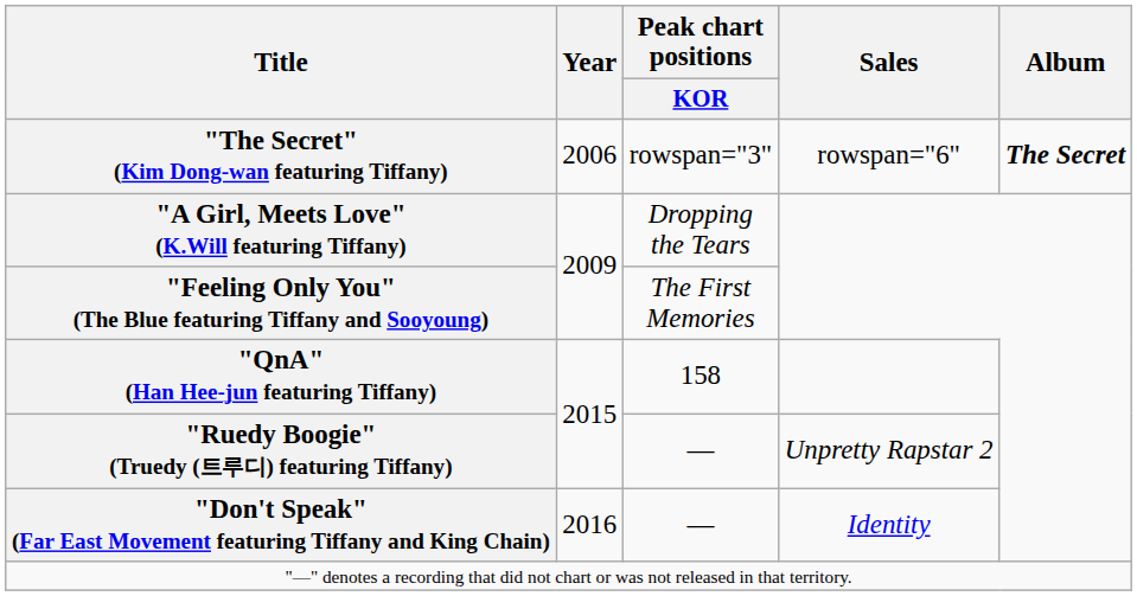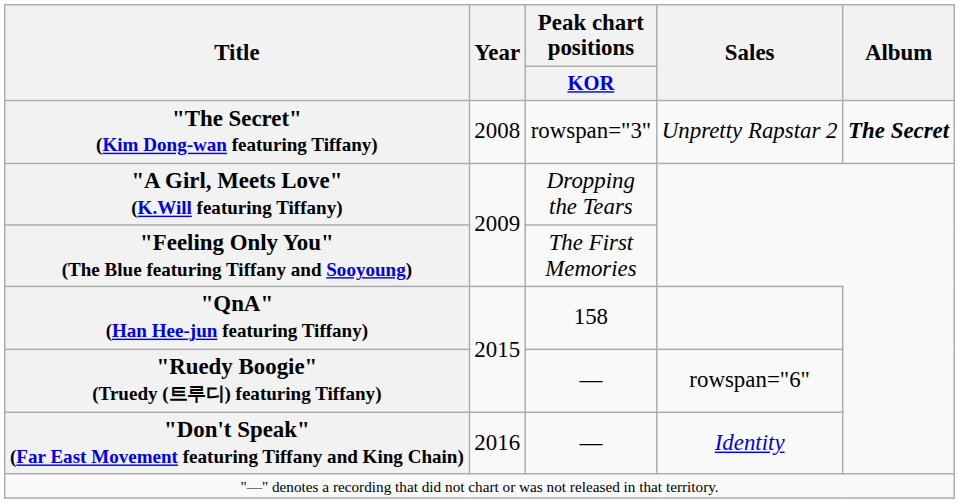 <table class="wikitable plainrowheaders" style="text-align:center;">
 <tr>
 <th rowspan=2>Title</th>
 <th rowspan=2>Year</th>
 <th>Peak chart<br>positions</th>
 <th rowspan=2>Sales<br></th>
 <th rowspan=2>Album</th>
 </tr>
 <tr>
 <th scope="col" style="width:3em;font-size:90%;"><a href='#'>KOR</a><br></th>
 </tr>
 <tr>
 <th scope=row>"The Secret"<br><small>(<a href='#'>Kim Dong-wan</a> featuring Tiffany)</small></th>
-<td>2006</td>
+<td>2008</td>
 <td>rowspan="3" </td>
-<td>rowspan="6" </td>
+<td><em>Unpretty Rapstar 2</em></td>
 <td><strong><em>The Secret</em></strong></td>
 </tr>
 <tr>
 <th scope=row>"A Girl, Meets Love"<br><small>(<a href='#'>K.Will</a> featuring Tiffany)</small></th>
 <td rowspan=2>2009</td>
 <td><em>Dropping the Tears</em></td>
 </tr>
 <tr>
 <th scope=row>"Feeling Only You"<br><small>(The Blue featuring Tiffany and <a href='#'>Sooyoung</a>)</small></th>
 <td><em>The First Memories</em></td>
 </tr>
 <tr>
 <th scope=row>"QnA"<br><small>(<a href='#'>Han Hee-jun</a> featuring Tiffany)</small></th>
 <td rowspan=2>2015</td>
 <td>158</td>
 <td></td>
 </tr>
 <tr>
 <th scope=row>"Ruedy Boogie"<br><small>(Truedy (트루디) featuring Tiffany)</small></th>
 <td>—</td>
-<td><em>Unpretty Rapstar 2</em></td>
+<td>rowspan="6" </td>
 </tr>
 <tr>
 <th scope=row>"Don't Speak"<br><small>(<a href='#'>Far East Movement</a> featuring Tiffany and King Chain)</small></th>
 <td>2016</td>
 <td>—</td>
 <td><a href='#'><em>Identity</em></a></td>
 </tr>
 <tr>
 <td colspan="5" style="font-size:8pt">"—" denotes a recording that did not chart or was not released in that territory.</td>
 </tr>
 </table>
